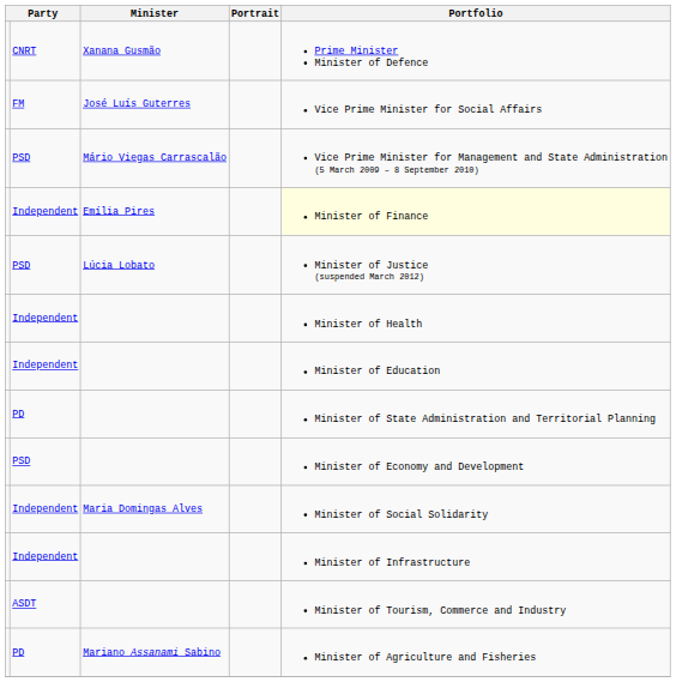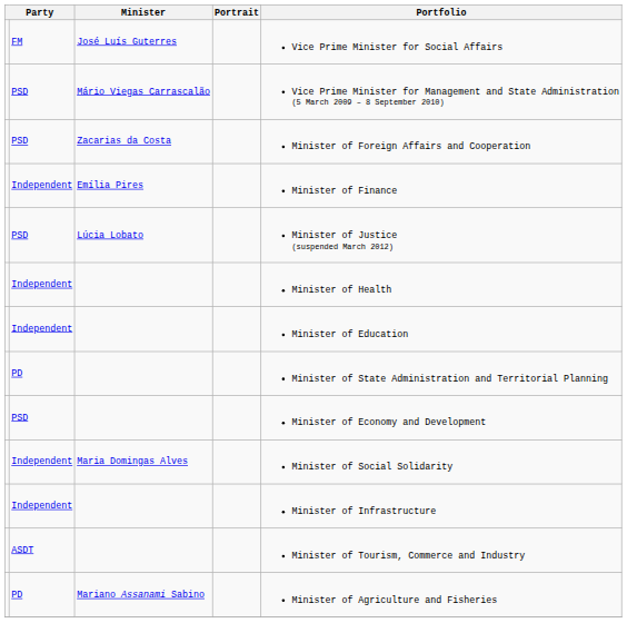 <table class="wikitable sortable">
 <tr>
 <th colspan="2">Party</th>
 <th>Minister</th>
 <th>Portrait</th>
 <th>Portfolio</th>
-</tr>
-<tr>
-<td style="background:"></td>
-<td><a href='#'>CNRT</a></td>
-<td><a href='#'>Xanana Gusmão</a></td>
-<td></td>
-<td><br><ul><li><a href='#'>Prime Minister</a></li><li>Minister of Defence</li></ul></td>
 </tr>
 <tr>
 <td style="background:"></td>
 <td><a href='#'>FM</a></td>
 <td><a href='#'>José Luís Guterres</a></td>
 <td></td>
 <td><br><ul><li>Vice Prime Minister for Social Affairs</li></ul></td>
 </tr>
 <tr>
 <td style="background:"></td>
 <td><a href='#'>PSD</a></td>
 <td><a href='#'>Mário Viegas Carrascalão</a></td>
 <td></td>
 <td><br><ul><li>Vice Prime Minister for Management and State Administration<br><small>(5 March 2009 – 8 September 2010)</small></li></ul></td>
 </tr>
 <tr>
 <td style="background:"></td>
+<td><a href='#'>PSD</a></td>
+<td><a href='#'>Zacarias da Costa</a></td>
+<td></td>
+<td><br><ul><li>Minister of Foreign Affairs and Cooperation</li></ul></td>
+</tr>
+<tr>
+<td style="background:"></td>
 <td><a href='#'>Independent</a></td>
 <td><a href='#'>Emília Pires</a></td>
 <td></td>
-<td style="background: lightyellow;"><br><ul><li>Minister of Finance</li></ul></td>
+<td><br><ul><li>Minister of Finance</li></ul></td>
 </tr>
 <tr>
 <td style="background:"></td>
 <td><a href='#'>PSD</a></td>
 <td><a href='#'>Lúcia Lobato</a></td>
 <td></td>
 <td><br><ul><li>Minister of Justice<br><small>(suspended March 2012)</small></li></ul></td>
 </tr>
 <tr>
 <td style="background:"></td>
 <td><a href='#'>Independent</a></td>
 <td></td>
 <td></td>
 <td><br><ul><li>Minister of Health</li></ul></td>
 </tr>
 <tr>
 <td style="background:"></td>
 <td><a href='#'>Independent</a></td>
 <td></td>
 <td></td>
 <td><br><ul><li>Minister of Education</li></ul></td>
 </tr>
 <tr>
 <td style="background:"></td>
 <td><a href='#'>PD</a></td>
 <td></td>
 <td></td>
 <td><br><ul><li>Minister of State Administration and Territorial Planning</li></ul></td>
 </tr>
 <tr>
 <td style="background:"></td>
 <td><a href='#'>PSD</a></td>
 <td></td>
 <td></td>
 <td><br><ul><li>Minister of Economy and Development</li></ul></td>
 </tr>
 <tr>
 <td style="background:"></td>
 <td><a href='#'>Independent</a></td>
 <td><a href='#'>Maria Domingas Alves</a></td>
 <td></td>
 <td><br><ul><li>Minister of Social Solidarity</li></ul></td>
 </tr>
 <tr>
 <td style="background:"></td>
 <td><a href='#'>Independent</a></td>
 <td></td>
 <td></td>
 <td><br><ul><li>Minister of Infrastructure</li></ul></td>
 </tr>
 <tr>
 <td></td>
 <td><a href='#'>ASDT</a></td>
 <td></td>
 <td></td>
 <td><br><ul><li>Minister of Tourism, Commerce and Industry</li></ul></td>
 </tr>
 <tr>
 <td style="background:"></td>
 <td><a href='#'>PD</a></td>
 <td><a href='#'>Mariano <em>Assanami</em> Sabino</a></td>
 <td></td>
 <td><br><ul><li>Minister of Agriculture and Fisheries</li></ul></td>
 </tr>
 <tr>
 </tr>
 </table>
